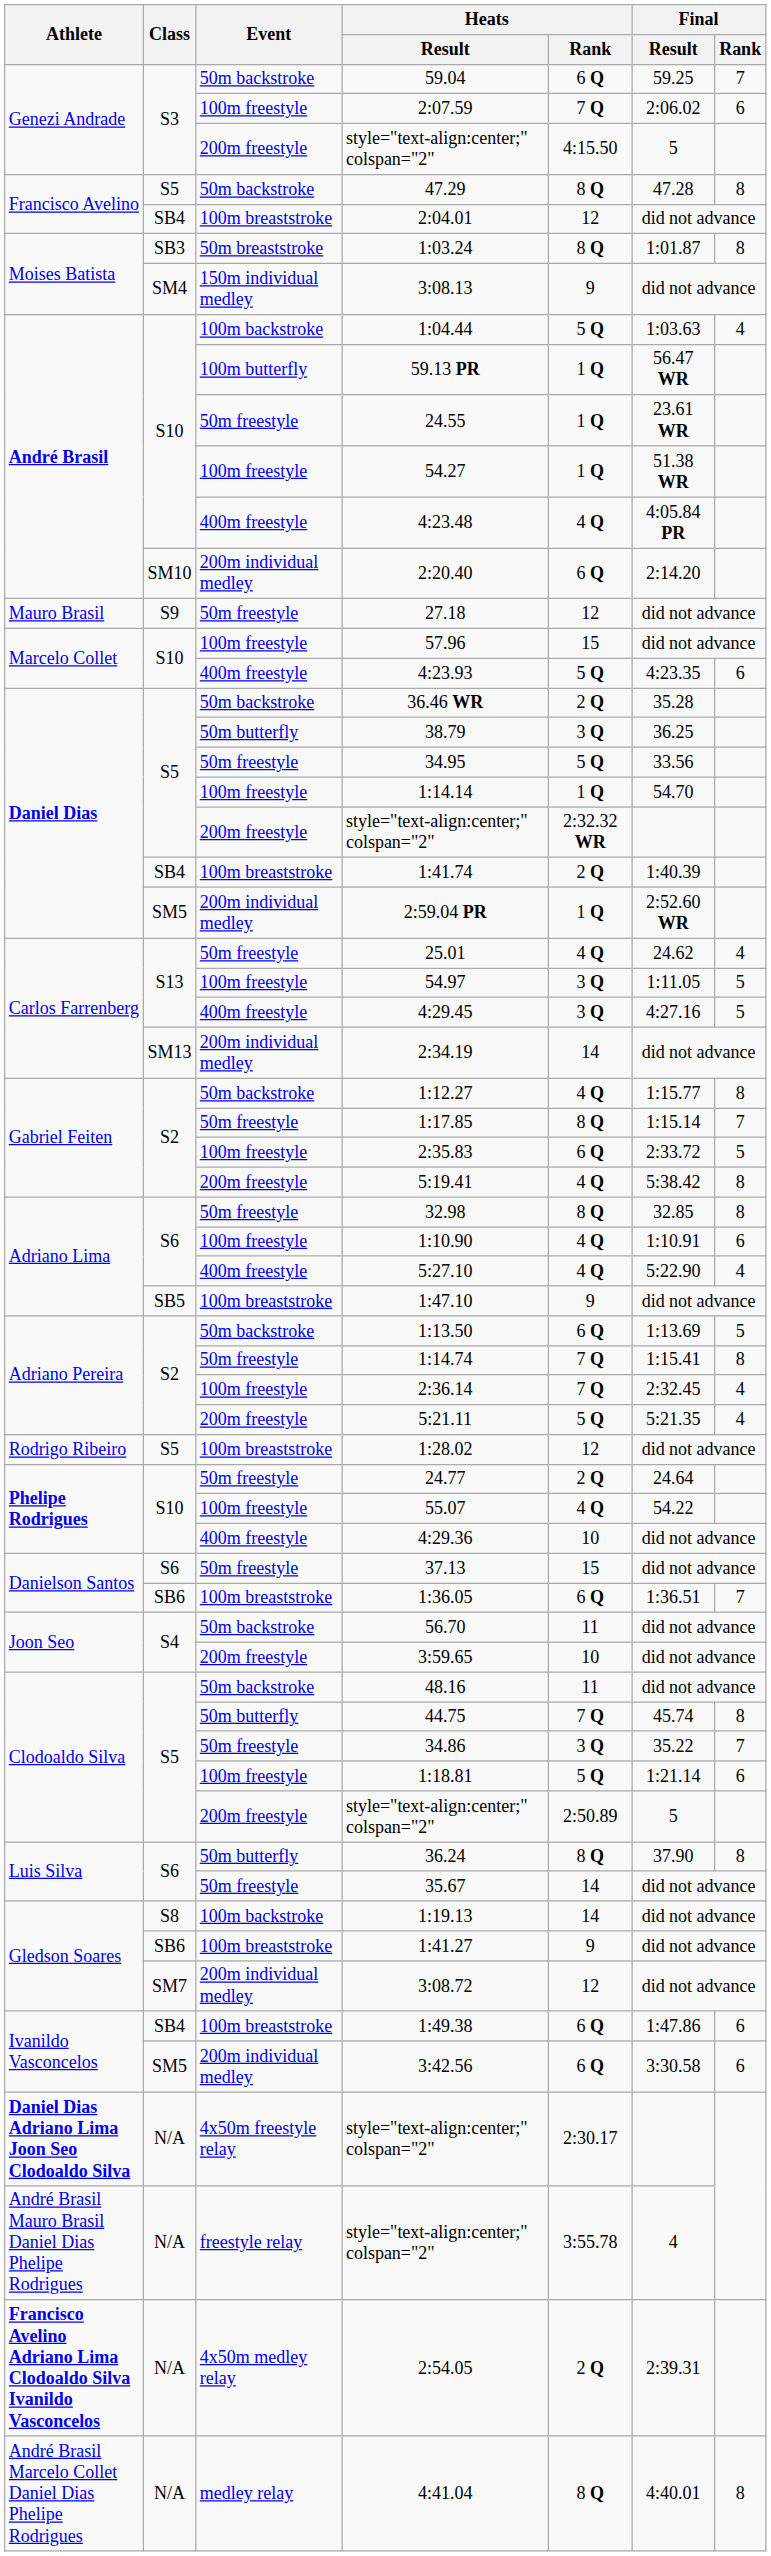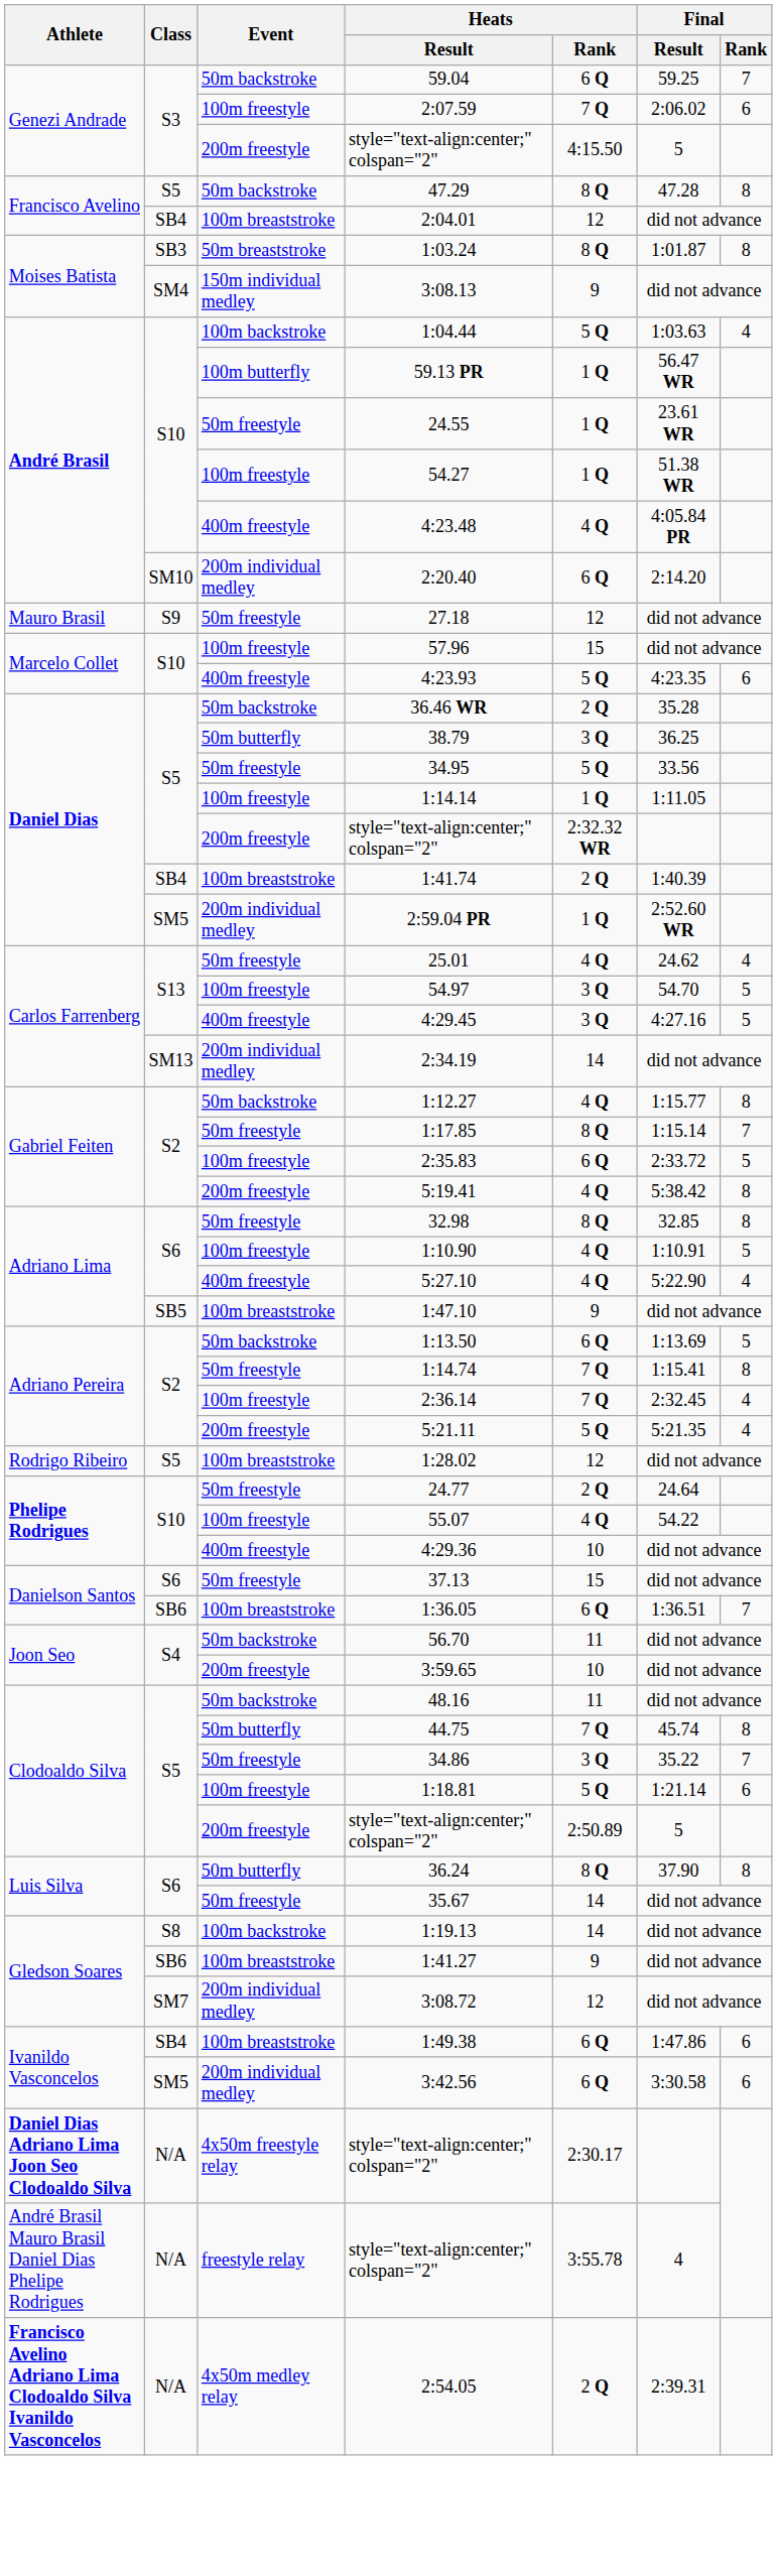 <table class=wikitable style="font-size:90%">
 <tr>
 <th rowspan="2">Athlete</th>
 <th rowspan="2">Class</th>
 <th rowspan="2">Event</th>
 <th colspan="2">Heats</th>
 <th colspan="2">Final</th>
 </tr>
 <tr>
 <th>Result</th>
 <th>Rank</th>
 <th>Result</th>
 <th>Rank</th>
 </tr>
 <tr>
 <td rowspan="3"><a href='#'>Genezi Andrade</a></td>
 <td rowspan="3" style="text-align:center;">S3</td>
 <td><a href='#'>50m backstroke</a></td>
 <td style="text-align:center;">59.04</td>
 <td style="text-align:center;">6 <strong>Q</strong></td>
 <td style="text-align:center;">59.25</td>
 <td style="text-align:center;">7</td>
 </tr>
 <tr>
 <td><a href='#'>100m freestyle</a></td>
 <td style="text-align:center;">2:07.59</td>
 <td style="text-align:center;">7 <strong>Q</strong></td>
 <td style="text-align:center;">2:06.02</td>
 <td style="text-align:center;">6</td>
 </tr>
 <tr>
 <td><a href='#'>200m freestyle</a></td>
 <td>style="text-align:center;" colspan="2" </td>
 <td style="text-align:center;">4:15.50</td>
 <td style="text-align:center;">5</td>
 </tr>
 <tr>
 <td rowspan="2"><a href='#'>Francisco Avelino</a></td>
 <td style="text-align:center;">S5</td>
 <td><a href='#'>50m backstroke</a></td>
 <td style="text-align:center;">47.29</td>
 <td style="text-align:center;">8 <strong>Q</strong></td>
 <td style="text-align:center;">47.28</td>
 <td style="text-align:center;">8</td>
 </tr>
 <tr>
 <td style="text-align:center;">SB4</td>
 <td><a href='#'>100m breaststroke</a></td>
 <td style="text-align:center;">2:04.01</td>
 <td style="text-align:center;">12</td>
 <td style="text-align:center;" colspan="2">did not advance</td>
 </tr>
 <tr>
 <td rowspan="2"><a href='#'>Moises Batista</a></td>
 <td style="text-align:center;">SB3</td>
 <td><a href='#'>50m breaststroke</a></td>
 <td style="text-align:center;">1:03.24</td>
 <td style="text-align:center;">8 <strong>Q</strong></td>
 <td style="text-align:center;">1:01.87</td>
 <td style="text-align:center;">8</td>
 </tr>
 <tr>
 <td style="text-align:center;">SM4</td>
 <td><a href='#'>150m individual medley</a></td>
 <td style="text-align:center;">3:08.13</td>
 <td style="text-align:center;">9</td>
 <td style="text-align:center;" colspan="2">did not advance</td>
 </tr>
 <tr>
 <td rowspan="6"><strong><a href='#'>André Brasil</a></strong></td>
 <td rowspan="5" style="text-align:center;">S10</td>
 <td><a href='#'>100m backstroke</a></td>
 <td style="text-align:center;">1:04.44</td>
 <td style="text-align:center;">5 <strong>Q</strong></td>
 <td style="text-align:center;">1:03.63</td>
 <td style="text-align:center;">4</td>
 </tr>
 <tr>
 <td><a href='#'>100m butterfly</a></td>
 <td style="text-align:center;">59.13 <strong>PR</strong></td>
 <td style="text-align:center;">1 <strong>Q</strong></td>
 <td style="text-align:center;">56.47 <strong>WR</strong></td>
 <td style="text-align:center;"></td>
 </tr>
 <tr>
 <td><a href='#'>50m freestyle</a></td>
 <td style="text-align:center;">24.55</td>
 <td style="text-align:center;">1 <strong>Q</strong></td>
 <td style="text-align:center;">23.61 <strong>WR</strong></td>
 <td style="text-align:center;"></td>
 </tr>
 <tr>
 <td><a href='#'>100m freestyle</a></td>
 <td style="text-align:center;">54.27</td>
 <td style="text-align:center;">1 <strong>Q</strong></td>
 <td style="text-align:center;">51.38 <strong>WR</strong></td>
 <td style="text-align:center;"></td>
 </tr>
 <tr>
 <td><a href='#'>400m freestyle</a></td>
 <td style="text-align:center;">4:23.48</td>
 <td style="text-align:center;">4 <strong>Q</strong></td>
 <td style="text-align:center;">4:05.84 <strong>PR</strong></td>
 <td style="text-align:center;"></td>
 </tr>
 <tr>
 <td style="text-align:center;">SM10</td>
 <td><a href='#'>200m individual medley</a></td>
 <td style="text-align:center;">2:20.40</td>
 <td style="text-align:center;">6 <strong>Q</strong></td>
 <td style="text-align:center;">2:14.20</td>
 <td style="text-align:center;"></td>
 </tr>
 <tr>
 <td><a href='#'>Mauro Brasil</a></td>
 <td style="text-align:center;">S9</td>
 <td><a href='#'>50m freestyle</a></td>
 <td style="text-align:center;">27.18</td>
 <td style="text-align:center;">12</td>
 <td style="text-align:center;" colspan="2">did not advance</td>
 </tr>
 <tr>
 <td rowspan="2"><a href='#'>Marcelo Collet</a></td>
 <td rowspan="2" style="text-align:center;">S10</td>
 <td><a href='#'>100m freestyle</a></td>
 <td style="text-align:center;">57.96</td>
 <td style="text-align:center;">15</td>
 <td style="text-align:center;" colspan="2">did not advance</td>
 </tr>
 <tr>
 <td><a href='#'>400m freestyle</a></td>
 <td style="text-align:center;">4:23.93</td>
 <td style="text-align:center;">5 <strong>Q</strong></td>
 <td style="text-align:center;">4:23.35</td>
 <td style="text-align:center;">6</td>
 </tr>
 <tr>
 <td rowspan="7"><strong><a href='#'>Daniel Dias</a></strong></td>
 <td rowspan="5" style="text-align:center;">S5</td>
 <td><a href='#'>50m backstroke</a></td>
 <td style="text-align:center;">36.46 <strong>WR</strong></td>
 <td style="text-align:center;">2 <strong>Q</strong></td>
 <td style="text-align:center;">35.28</td>
 <td style="text-align:center;"></td>
 </tr>
 <tr>
 <td><a href='#'>50m butterfly</a></td>
 <td style="text-align:center;">38.79</td>
 <td style="text-align:center;">3 <strong>Q</strong></td>
 <td style="text-align:center;">36.25</td>
 <td style="text-align:center;"></td>
 </tr>
 <tr>
 <td><a href='#'>50m freestyle</a></td>
 <td style="text-align:center;">34.95</td>
 <td style="text-align:center;">5 <strong>Q</strong></td>
 <td style="text-align:center;">33.56</td>
 <td style="text-align:center;"></td>
 </tr>
 <tr>
 <td><a href='#'>100m freestyle</a></td>
 <td style="text-align:center;">1:14.14</td>
 <td style="text-align:center;">1 <strong>Q</strong></td>
-<td style="text-align:center;">54.70</td>
+<td style="text-align:center;">1:11.05</td>
 <td style="text-align:center;"></td>
 </tr>
 <tr>
 <td><a href='#'>200m freestyle</a></td>
 <td>style="text-align:center;" colspan="2" </td>
 <td style="text-align:center;">2:32.32 <strong>WR</strong></td>
 <td style="text-align:center;"></td>
 </tr>
 <tr>
 <td style="text-align:center;">SB4</td>
 <td><a href='#'>100m breaststroke</a></td>
 <td style="text-align:center;">1:41.74</td>
 <td style="text-align:center;">2 <strong>Q</strong></td>
 <td style="text-align:center;">1:40.39</td>
 <td style="text-align:center;"></td>
 </tr>
 <tr>
 <td style="text-align:center;">SM5</td>
 <td><a href='#'>200m individual medley</a></td>
 <td style="text-align:center;">2:59.04 <strong>PR</strong></td>
 <td style="text-align:center;">1 <strong>Q</strong></td>
 <td style="text-align:center;">2:52.60 <strong>WR</strong></td>
 <td style="text-align:center;"></td>
 </tr>
 <tr>
 <td rowspan="4"><a href='#'>Carlos Farrenberg</a></td>
 <td rowspan="3" style="text-align:center;">S13</td>
 <td><a href='#'>50m freestyle</a></td>
 <td style="text-align:center;">25.01</td>
 <td style="text-align:center;">4 <strong>Q</strong></td>
 <td style="text-align:center;">24.62</td>
 <td style="text-align:center;">4</td>
 </tr>
 <tr>
 <td><a href='#'>100m freestyle</a></td>
 <td style="text-align:center;">54.97</td>
 <td style="text-align:center;">3 <strong>Q</strong></td>
-<td style="text-align:center;">1:11.05</td>
+<td style="text-align:center;">54.70</td>
 <td style="text-align:center;">5</td>
 </tr>
 <tr>
 <td><a href='#'>400m freestyle</a></td>
 <td style="text-align:center;">4:29.45</td>
 <td style="text-align:center;">3 <strong>Q</strong></td>
 <td style="text-align:center;">4:27.16</td>
 <td style="text-align:center;">5</td>
 </tr>
 <tr>
 <td style="text-align:center;">SM13</td>
 <td><a href='#'>200m individual medley</a></td>
 <td style="text-align:center;">2:34.19</td>
 <td style="text-align:center;">14</td>
 <td style="text-align:center;" colspan="2">did not advance</td>
 </tr>
 <tr>
 <td rowspan="4"><a href='#'>Gabriel Feiten</a></td>
 <td rowspan="4" style="text-align:center;">S2</td>
 <td><a href='#'>50m backstroke</a></td>
 <td style="text-align:center;">1:12.27</td>
 <td style="text-align:center;">4 <strong>Q</strong></td>
 <td style="text-align:center;">1:15.77</td>
 <td style="text-align:center;">8</td>
 </tr>
 <tr>
 <td><a href='#'>50m freestyle</a></td>
 <td style="text-align:center;">1:17.85</td>
 <td style="text-align:center;">8 <strong>Q</strong></td>
 <td style="text-align:center;">1:15.14</td>
 <td style="text-align:center;">7</td>
 </tr>
 <tr>
 <td><a href='#'>100m freestyle</a></td>
 <td style="text-align:center;">2:35.83</td>
 <td style="text-align:center;">6 <strong>Q</strong></td>
 <td style="text-align:center;">2:33.72</td>
 <td style="text-align:center;">5</td>
 </tr>
 <tr>
 <td><a href='#'>200m freestyle</a></td>
 <td style="text-align:center;">5:19.41</td>
 <td style="text-align:center;">4 <strong>Q</strong></td>
 <td style="text-align:center;">5:38.42</td>
 <td style="text-align:center;">8</td>
 </tr>
 <tr>
 <td rowspan="4"><a href='#'>Adriano Lima</a></td>
 <td rowspan="3" style="text-align:center;">S6</td>
 <td><a href='#'>50m freestyle</a></td>
 <td style="text-align:center;">32.98</td>
 <td style="text-align:center;">8 <strong>Q</strong></td>
 <td style="text-align:center;">32.85</td>
 <td style="text-align:center;">8</td>
 </tr>
 <tr>
 <td><a href='#'>100m freestyle</a></td>
 <td style="text-align:center;">1:10.90</td>
 <td style="text-align:center;">4 <strong>Q</strong></td>
 <td style="text-align:center;">1:10.91</td>
-<td style="text-align:center;">6</td>
+<td style="text-align:center;">5</td>
 </tr>
 <tr>
 <td><a href='#'>400m freestyle</a></td>
 <td style="text-align:center;">5:27.10</td>
 <td style="text-align:center;">4 <strong>Q</strong></td>
 <td style="text-align:center;">5:22.90</td>
 <td style="text-align:center;">4</td>
 </tr>
 <tr>
 <td style="text-align:center;">SB5</td>
 <td><a href='#'>100m breaststroke</a></td>
 <td style="text-align:center;">1:47.10</td>
 <td style="text-align:center;">9</td>
 <td style="text-align:center;" colspan="2">did not advance</td>
 </tr>
 <tr>
 <td rowspan="4"><a href='#'>Adriano Pereira</a></td>
 <td rowspan="4" style="text-align:center;">S2</td>
 <td><a href='#'>50m backstroke</a></td>
 <td style="text-align:center;">1:13.50</td>
 <td style="text-align:center;">6 <strong>Q</strong></td>
 <td style="text-align:center;">1:13.69</td>
 <td style="text-align:center;">5</td>
 </tr>
 <tr>
 <td><a href='#'>50m freestyle</a></td>
 <td style="text-align:center;">1:14.74</td>
 <td style="text-align:center;">7 <strong>Q</strong></td>
 <td style="text-align:center;">1:15.41</td>
 <td style="text-align:center;">8</td>
 </tr>
 <tr>
 <td><a href='#'>100m freestyle</a></td>
 <td style="text-align:center;">2:36.14</td>
 <td style="text-align:center;">7 <strong>Q</strong></td>
 <td style="text-align:center;">2:32.45</td>
 <td style="text-align:center;">4</td>
 </tr>
 <tr>
 <td><a href='#'>200m freestyle</a></td>
 <td style="text-align:center;">5:21.11</td>
 <td style="text-align:center;">5 <strong>Q</strong></td>
 <td style="text-align:center;">5:21.35</td>
 <td style="text-align:center;">4</td>
 </tr>
 <tr>
 <td><a href='#'>Rodrigo Ribeiro</a></td>
 <td style="text-align:center;">S5</td>
 <td><a href='#'>100m breaststroke</a></td>
 <td style="text-align:center;">1:28.02</td>
 <td style="text-align:center;">12</td>
 <td style="text-align:center;" colspan="2">did not advance</td>
 </tr>
 <tr>
 <td rowspan="3"><strong><a href='#'>Phelipe Rodrigues</a></strong></td>
 <td rowspan="3" style="text-align:center;">S10</td>
 <td><a href='#'>50m freestyle</a></td>
 <td style="text-align:center;">24.77</td>
 <td style="text-align:center;">2 <strong>Q</strong></td>
 <td style="text-align:center;">24.64</td>
 <td style="text-align:center;"></td>
 </tr>
 <tr>
 <td><a href='#'>100m freestyle</a></td>
 <td style="text-align:center;">55.07</td>
 <td style="text-align:center;">4 <strong>Q</strong></td>
 <td style="text-align:center;">54.22</td>
 <td style="text-align:center;"></td>
 </tr>
 <tr>
 <td><a href='#'>400m freestyle</a></td>
 <td style="text-align:center;">4:29.36</td>
 <td style="text-align:center;">10</td>
 <td style="text-align:center;" colspan="2">did not advance</td>
 </tr>
 <tr>
 <td rowspan="2"><a href='#'>Danielson Santos</a></td>
 <td style="text-align:center;">S6</td>
 <td><a href='#'>50m freestyle</a></td>
 <td style="text-align:center;">37.13</td>
 <td style="text-align:center;">15</td>
 <td style="text-align:center;" colspan="2">did not advance</td>
 </tr>
 <tr>
 <td style="text-align:center;">SB6</td>
 <td><a href='#'>100m breaststroke</a></td>
 <td style="text-align:center;">1:36.05</td>
 <td style="text-align:center;">6 <strong>Q</strong></td>
 <td style="text-align:center;">1:36.51</td>
 <td style="text-align:center;">7</td>
 </tr>
 <tr>
 <td rowspan="2"><a href='#'>Joon Seo</a></td>
 <td rowspan="2" style="text-align:center;">S4</td>
 <td><a href='#'>50m backstroke</a></td>
 <td style="text-align:center;">56.70</td>
 <td style="text-align:center;">11</td>
 <td style="text-align:center;" colspan="2">did not advance</td>
 </tr>
 <tr>
 <td><a href='#'>200m freestyle</a></td>
 <td style="text-align:center;">3:59.65</td>
 <td style="text-align:center;">10</td>
 <td style="text-align:center;" colspan="2">did not advance</td>
 </tr>
 <tr>
 <td rowspan="5"><a href='#'>Clodoaldo Silva</a></td>
 <td rowspan="5" style="text-align:center;">S5</td>
 <td><a href='#'>50m backstroke</a></td>
 <td style="text-align:center;">48.16</td>
 <td style="text-align:center;">11</td>
 <td style="text-align:center;" colspan="2">did not advance</td>
 </tr>
 <tr>
 <td><a href='#'>50m butterfly</a></td>
 <td style="text-align:center;">44.75</td>
 <td style="text-align:center;">7 <strong>Q</strong></td>
 <td style="text-align:center;">45.74</td>
 <td style="text-align:center;">8</td>
 </tr>
 <tr>
 <td><a href='#'>50m freestyle</a></td>
 <td style="text-align:center;">34.86</td>
 <td style="text-align:center;">3 <strong>Q</strong></td>
 <td style="text-align:center;">35.22</td>
 <td style="text-align:center;">7</td>
 </tr>
 <tr>
 <td><a href='#'>100m freestyle</a></td>
 <td style="text-align:center;">1:18.81</td>
 <td style="text-align:center;">5 <strong>Q</strong></td>
 <td style="text-align:center;">1:21.14</td>
 <td style="text-align:center;">6</td>
 </tr>
 <tr>
 <td><a href='#'>200m freestyle</a></td>
 <td>style="text-align:center;" colspan="2" </td>
 <td style="text-align:center;">2:50.89</td>
 <td style="text-align:center;">5</td>
 </tr>
 <tr>
 <td rowspan="2"><a href='#'>Luis Silva</a></td>
 <td rowspan="2" style="text-align:center;">S6</td>
 <td><a href='#'>50m butterfly</a></td>
 <td style="text-align:center;">36.24</td>
 <td style="text-align:center;">8 <strong>Q</strong></td>
 <td style="text-align:center;">37.90</td>
 <td style="text-align:center;">8</td>
 </tr>
 <tr>
 <td><a href='#'>50m freestyle</a></td>
 <td style="text-align:center;">35.67</td>
 <td style="text-align:center;">14</td>
 <td style="text-align:center;" colspan="2">did not advance</td>
 </tr>
 <tr>
 <td rowspan="3"><a href='#'>Gledson Soares</a></td>
 <td style="text-align:center;">S8</td>
 <td><a href='#'>100m backstroke</a></td>
 <td style="text-align:center;">1:19.13</td>
 <td style="text-align:center;">14</td>
 <td style="text-align:center;" colspan="2">did not advance</td>
 </tr>
 <tr>
 <td style="text-align:center;">SB6</td>
 <td><a href='#'>100m breaststroke</a></td>
 <td style="text-align:center;">1:41.27</td>
 <td style="text-align:center;">9</td>
 <td style="text-align:center;" colspan="2">did not advance</td>
 </tr>
 <tr>
 <td style="text-align:center;">SM7</td>
 <td><a href='#'>200m individual medley</a></td>
 <td style="text-align:center;">3:08.72</td>
 <td style="text-align:center;">12</td>
 <td style="text-align:center;" colspan="2">did not advance</td>
 </tr>
 <tr>
 <td rowspan="2"><a href='#'>Ivanildo Vasconcelos</a></td>
 <td style="text-align:center;">SB4</td>
 <td><a href='#'>100m breaststroke</a></td>
 <td style="text-align:center;">1:49.38</td>
 <td style="text-align:center;">6 <strong>Q</strong></td>
 <td style="text-align:center;">1:47.86</td>
 <td style="text-align:center;">6</td>
 </tr>
 <tr>
 <td style="text-align:center;">SM5</td>
 <td><a href='#'>200m individual medley</a></td>
 <td style="text-align:center;">3:42.56</td>
 <td style="text-align:center;">6 <strong>Q</strong></td>
 <td style="text-align:center;">3:30.58</td>
 <td style="text-align:center;">6</td>
 </tr>
 <tr>
 <td><strong><a href='#'>Daniel Dias</a></strong><br> <strong><a href='#'>Adriano Lima</a></strong><br> <strong><a href='#'>Joon Seo</a></strong><br> <strong><a href='#'>Clodoaldo Silva</a></strong></td>
 <td style="text-align:center;">N/A</td>
 <td><a href='#'>4x50m freestyle relay</a></td>
 <td>style="text-align:center;" colspan="2" </td>
 <td style="text-align:center;">2:30.17</td>
 <td style="text-align:center;"></td>
 </tr>
 <tr>
 <td><a href='#'>André Brasil</a><br> <a href='#'>Mauro Brasil</a><br> <a href='#'>Daniel Dias</a><br> <a href='#'>Phelipe Rodrigues</a></td>
 <td style="text-align:center;">N/A</td>
 <td><a href='#'> freestyle relay</a></td>
 <td>style="text-align:center;" colspan="2" </td>
 <td style="text-align:center;">3:55.78</td>
 <td style="text-align:center;">4</td>
 </tr>
 <tr>
 <td><strong><a href='#'>Francisco Avelino</a></strong><br> <strong><a href='#'>Adriano Lima</a></strong><br> <strong><a href='#'>Clodoaldo Silva</a></strong><br> <strong><a href='#'>Ivanildo Vasconcelos</a></strong></td>
 <td style="text-align:center;">N/A</td>
 <td><a href='#'>4x50m medley relay</a></td>
 <td style="text-align:center;">2:54.05</td>
 <td style="text-align:center;">2 <strong>Q</strong></td>
 <td style="text-align:center;">2:39.31</td>
 <td style="text-align:center;"></td>
 </tr>
-<tr>
-<td><a href='#'>André Brasil</a><br> <a href='#'>Marcelo Collet</a><br> <a href='#'>Daniel Dias</a><br> <a href='#'>Phelipe Rodrigues</a></td>
-<td style="text-align:center;">N/A</td>
-<td><a href='#'> medley relay</a></td>
-<td style="text-align:center;">4:41.04</td>
-<td style="text-align:center;">8 <strong>Q</strong></td>
-<td style="text-align:center;">4:40.01</td>
-<td style="text-align:center;">8</td>
-</tr>
 </table>
